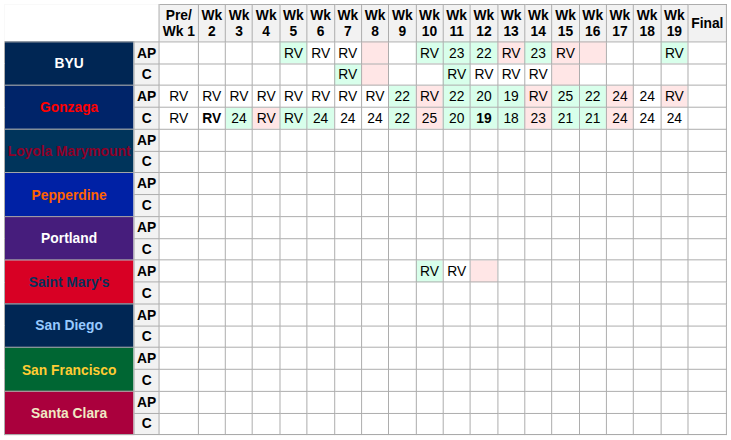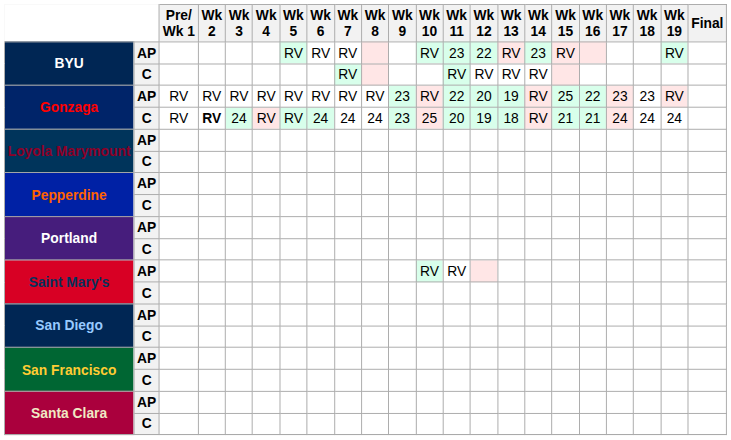 <table class="wikitable" style="white-space:nowrap;font-size:90%;">
 <tr>
 <th colspan=2 style="background:white; border-top-style:hidden; border-left-style:hidden;"> </th>
 <th>Pre/<br>Wk 1</th>
 <th>Wk<br>2</th>
 <th>Wk<br>3</th>
 <th>Wk<br>4</th>
 <th>Wk<br>5</th>
 <th>Wk<br>6</th>
 <th>Wk<br>7</th>
 <th>Wk<br>8</th>
 <th>Wk<br>9</th>
 <th>Wk<br>10</th>
 <th>Wk<br>11</th>
 <th>Wk<br>12</th>
 <th>Wk<br>13</th>
 <th>Wk<br>14</th>
 <th>Wk<br>15</th>
 <th>Wk<br>16</th>
 <th>Wk<br>17</th>
 <th>Wk<br>18</th>
 <th>Wk<br>19</th>
 <th>Final</th>
 </tr>
 <tr style="text-align:center;">
 <th rowspan=2 style="background:#002654; color:#FFFFFF;">BYU</th>
 <th>AP</th>
 <td style="background:#FFF;"></td>
 <td style="background:#FFF;"></td>
 <td style="background:#FFF;"></td>
 <td style="background:#FFF;"></td>
 <td style="background:#D8FFEB;">RV</td>
 <td style="background:#FFF;">RV</td>
 <td style="background:#FFF;">RV</td>
 <td style="background:#FFE6E6;"></td>
 <td style="background:#FFF;"></td>
 <td style="background:#D8FFEB;">RV</td>
 <td style="background:#D8FFEB;">23</td>
 <td style="background:#D8FFEB;">22</td>
 <td style="background:#FFE6E6;">RV</td>
 <td style="background:#D8FFEB;">23</td>
 <td style="background:#FFE6E6;">RV</td>
 <td style="background:#FFE6E6;"></td>
 <td style="background:#FFF;"></td>
 <td style="background:#FFF;"></td>
 <td style="background:#D8FFEB;">RV</td>
 <td style="background:#FFF;"></td>
 </tr>
 <tr style="text-align:center;">
 <th>C</th>
 <td style="background:#FFF;"></td>
 <td style="background:#FFF;"></td>
 <td style="background:#FFF;"></td>
 <td style="background:#FFF;"></td>
 <td style="background:#FFF;"></td>
 <td style="background:#FFF;"></td>
 <td style="background:#D8FFEB;">RV</td>
 <td style="background:#FFE6E6;"></td>
 <td style="background:#FFF;"></td>
 <td style="background:#FFF;"></td>
 <td style="background:#D8FFEB;">RV</td>
 <td style="background:#FFF;">RV</td>
 <td style="background:#FFF;">RV</td>
 <td style="background:#FFF;">RV</td>
 <td style="background:#FFE6E6;"></td>
 <td style="background:#FFF;"></td>
 <td style="background:#FFF;"></td>
 <td style="background:#FFF;"></td>
 <td style="background:#FFF;"></td>
 <td style="background:#FFF;"></td>
 </tr>
 <tr style="text-align:center;">
 <th rowspan=2 style="background:#002469; color:#FF0000;">Gonzaga</th>
 <th>AP</th>
 <td style="background:#FFF;">RV</td>
 <td style="background:#FFF;">RV</td>
 <td style="background:#FFF;">RV</td>
 <td style="background:#FFF;">RV</td>
 <td style="background:#FFF;">RV</td>
 <td style="background:#FFF;">RV</td>
 <td style="background:#FFF;">RV</td>
 <td style="background:#FFF;">RV</td>
-<td style="background:#D8FFEB;">22</td>
+<td style="background:#D8FFEB;">23</td>
 <td style="background:#FFE6E6;">RV</td>
 <td style="background:#D8FFEB;">22</td>
 <td style="background:#D8FFEB;">20</td>
 <td style="background:#D8FFEB;">19</td>
 <td style="background:#FFE6E6;">RV</td>
 <td style="background:#D8FFEB;">25</td>
 <td style="background:#D8FFEB;">22</td>
-<td style="background:#FFE6E6;">24</td>
-<td style="background:#FFF;">24</td>
+<td style="background:#FFE6E6;">23</td>
+<td style="background:#FFF;">23</td>
 <td style="background:#FFE6E6;">RV</td>
 <td style="background:#FFF;"></td>
 </tr>
 <tr style="text-align:center;">
 <th>C</th>
 <td style="background:#FFF;">RV</td>
 <td style="background:#FFF;"><strong>RV</strong></td>
 <td style="background:#D8FFEB;">24</td>
 <td style="background:#FFE6E6;">RV</td>
 <td style="background:#D8FFEB;">RV</td>
 <td style="background:#D8FFEB;">24</td>
 <td style="background:#FFF;">24</td>
 <td style="background:#FFF;">24</td>
-<td style="background:#D8FFEB;">22</td>
+<td style="background:#D8FFEB;">23</td>
 <td style="background:#FFE6E6;">25</td>
 <td style="background:#D8FFEB;">20</td>
-<td style="background:#D8FFEB;"><strong>19</strong></td>
+<td style="background:#D8FFEB;">19</td>
 <td style="background:#D8FFEB;">18</td>
-<td style="background:#FFE6E6;">23</td>
+<td style="background:#FFE6E6;">RV</td>
 <td style="background:#D8FFEB;">21</td>
 <td style="background:#D8FFEB;">21</td>
 <td style="background:#FFE6E6;">24</td>
 <td style="background:#FFF;">24</td>
 <td style="background:#FFF;">24</td>
 <td style="background:#FFF;"></td>
 </tr>
 <tr style="text-align:center;">
 <th rowspan=2 style="background:#00345B; color:#8E0028;">Loyola Marymount</th>
 <th>AP</th>
 <td style="background:#FFF;"></td>
 <td style="background:#FFF;"></td>
 <td style="background:#FFF;"></td>
 <td style="background:#FFF;"></td>
 <td style="background:#FFF;"></td>
 <td style="background:#FFF;"></td>
 <td style="background:#FFF;"></td>
 <td style="background:#FFF;"></td>
 <td style="background:#FFF;"></td>
 <td style="background:#FFF;"></td>
 <td style="background:#FFF;"></td>
 <td style="background:#FFF;"></td>
 <td style="background:#FFF;"></td>
 <td style="background:#FFF;"></td>
 <td style="background:#FFF;"></td>
 <td style="background:#FFF;"></td>
 <td style="background:#FFF;"></td>
 <td style="background:#FFF;"></td>
 <td style="background:#FFF;"></td>
 <td style="background:#FFF;"></td>
 </tr>
 <tr style="text-align:center;">
 <th>C</th>
 <td style="background:#FFF;"></td>
 <td style="background:#FFF;"></td>
 <td style="background:#FFF;"></td>
 <td style="background:#FFF;"></td>
 <td style="background:#FFF;"></td>
 <td style="background:#FFF;"></td>
 <td style="background:#FFF;"></td>
 <td style="background:#FFF;"></td>
 <td style="background:#FFF;"></td>
 <td style="background:#FFF;"></td>
 <td style="background:#FFF;"></td>
 <td style="background:#FFF;"></td>
 <td style="background:#FFF;"></td>
 <td style="background:#FFF;"></td>
 <td style="background:#FFF;"></td>
 <td style="background:#FFF;"></td>
 <td style="background:#FFF;"></td>
 <td style="background:#FFF;"></td>
 <td style="background:#FFF;"></td>
 <td style="background:#FFF;"></td>
 </tr>
 <tr style="text-align:center;">
 <th rowspan=2 style="background:#0021A5; color:#FF6200;">Pepperdine</th>
 <th>AP</th>
 <td style="background:#FFF;"></td>
 <td style="background:#FFF;"></td>
 <td style="background:#FFF;"></td>
 <td style="background:#FFF;"></td>
 <td style="background:#FFF;"></td>
 <td style="background:#FFF;"></td>
 <td style="background:#FFF;"></td>
 <td style="background:#FFF;"></td>
 <td style="background:#FFF;"></td>
 <td style="background:#FFF;"></td>
 <td style="background:#FFF;"></td>
 <td style="background:#FFF;"></td>
 <td style="background:#FFF;"></td>
 <td style="background:#FFF;"></td>
 <td style="background:#FFF;"></td>
 <td style="background:#FFF;"></td>
 <td style="background:#FFF;"></td>
 <td style="background:#FFF;"></td>
 <td style="background:#FFF;"></td>
 <td style="background:#FFF;"></td>
 </tr>
 <tr style="text-align:center;">
 <th>C</th>
 <td style="background:#FFF;"></td>
 <td style="background:#FFF;"></td>
 <td style="background:#FFF;"></td>
 <td style="background:#FFF;"></td>
 <td style="background:#FFF;"></td>
 <td style="background:#FFF;"></td>
 <td style="background:#FFF;"></td>
 <td style="background:#FFF;"></td>
 <td style="background:#FFF;"></td>
 <td style="background:#FFF;"></td>
 <td style="background:#FFF;"></td>
 <td style="background:#FFF;"></td>
 <td style="background:#FFF;"></td>
 <td style="background:#FFF;"></td>
 <td style="background:#FFF;"></td>
 <td style="background:#FFF;"></td>
 <td style="background:#FFF;"></td>
 <td style="background:#FFF;"></td>
 <td style="background:#FFF;"></td>
 <td style="background:#FFF;"></td>
 </tr>
 <tr style="text-align:center;">
 <th rowspan=2 style="background:#461D7C; color:#FFFFFF;">Portland</th>
 <th>AP</th>
 <td style="background:#FFF;"></td>
 <td style="background:#FFF;"></td>
 <td style="background:#FFF;"></td>
 <td style="background:#FFF;"></td>
 <td style="background:#FFF;"></td>
 <td style="background:#FFF;"></td>
 <td style="background:#FFF;"></td>
 <td style="background:#FFF;"></td>
 <td style="background:#FFF;"></td>
 <td style="background:#FFF;"></td>
 <td style="background:#FFF;"></td>
 <td style="background:#FFF;"></td>
 <td style="background:#FFF;"></td>
 <td style="background:#FFF;"></td>
 <td style="background:#FFF;"></td>
 <td style="background:#FFF;"></td>
 <td style="background:#FFF;"></td>
 <td style="background:#FFF;"></td>
 <td style="background:#FFF;"></td>
 <td style="background:#FFF;"></td>
 </tr>
 <tr style="text-align:center;">
 <th>C</th>
 <td style="background:#FFF;"></td>
 <td style="background:#FFF;"></td>
 <td style="background:#FFF;"></td>
 <td style="background:#FFF;"></td>
 <td style="background:#FFF;"></td>
 <td style="background:#FFF;"></td>
 <td style="background:#FFF;"></td>
 <td style="background:#FFF;"></td>
 <td style="background:#FFF;"></td>
 <td style="background:#FFF;"></td>
 <td style="background:#FFF;"></td>
 <td style="background:#FFF;"></td>
 <td style="background:#FFF;"></td>
 <td style="background:#FFF;"></td>
 <td style="background:#FFF;"></td>
 <td style="background:#FFF;"></td>
 <td style="background:#FFF;"></td>
 <td style="background:#FFF;"></td>
 <td style="background:#FFF;"></td>
 <td style="background:#FFF;"></td>
 </tr>
 <tr style="text-align:center;">
 <th rowspan=2 style="background:#D80024; color:#06315B;">Saint Mary's</th>
 <th>AP</th>
 <td style="background:#FFF;"></td>
 <td style="background:#FFF;"></td>
 <td style="background:#FFF;"></td>
 <td style="background:#FFF;"></td>
 <td style="background:#FFF;"></td>
 <td style="background:#FFF;"></td>
 <td style="background:#FFF;"></td>
 <td style="background:#FFF;"></td>
 <td style="background:#FFF;"></td>
 <td style="background:#D8FFEB;">RV</td>
 <td style="background:#FFF;">RV</td>
 <td style="background:#FFE6E6;"></td>
 <td style="background:#FFF;"></td>
 <td style="background:#FFF;"></td>
 <td style="background:#FFF;"></td>
 <td style="background:#FFF;"></td>
 <td style="background:#FFF;"></td>
 <td style="background:#FFF;"></td>
 <td style="background:#FFF;"></td>
 <td style="background:#FFF;"></td>
 </tr>
 <tr style="text-align:center;">
 <th>C</th>
 <td style="background:#FFF;"></td>
 <td style="background:#FFF;"></td>
 <td style="background:#FFF;"></td>
 <td style="background:#FFF;"></td>
 <td style="background:#FFF;"></td>
 <td style="background:#FFF;"></td>
 <td style="background:#FFF;"></td>
 <td style="background:#FFF;"></td>
 <td style="background:#FFF;"></td>
 <td style="background:#FFF;"></td>
 <td style="background:#FFF;"></td>
 <td style="background:#FFF;"></td>
 <td style="background:#FFF;"></td>
 <td style="background:#FFF;"></td>
 <td style="background:#FFF;"></td>
 <td style="background:#FFF;"></td>
 <td style="background:#FFF;"></td>
 <td style="background:#FFF;"></td>
 <td style="background:#FFF;"></td>
 <td style="background:#FFF;"></td>
 </tr>
 <tr style="text-align:center;">
 <th rowspan=2 style="background:#002654; color:#97CAFF;">San Diego</th>
 <th>AP</th>
 <td style="background:#FFF;"></td>
 <td style="background:#FFF;"></td>
 <td style="background:#FFF;"></td>
 <td style="background:#FFF;"></td>
 <td style="background:#FFF;"></td>
 <td style="background:#FFF;"></td>
 <td style="background:#FFF;"></td>
 <td style="background:#FFF;"></td>
 <td style="background:#FFF;"></td>
 <td style="background:#FFF;"></td>
 <td style="background:#FFF;"></td>
 <td style="background:#FFF;"></td>
 <td style="background:#FFF;"></td>
 <td style="background:#FFF;"></td>
 <td style="background:#FFF;"></td>
 <td style="background:#FFF;"></td>
 <td style="background:#FFF;"></td>
 <td style="background:#FFF;"></td>
 <td style="background:#FFF;"></td>
 <td style="background:#FFF;"></td>
 </tr>
 <tr style="text-align:center;">
 <th>C</th>
 <td style="background:#FFF;"></td>
 <td style="background:#FFF;"></td>
 <td style="background:#FFF;"></td>
 <td style="background:#FFF;"></td>
 <td style="background:#FFF;"></td>
 <td style="background:#FFF;"></td>
 <td style="background:#FFF;"></td>
 <td style="background:#FFF;"></td>
 <td style="background:#FFF;"></td>
 <td style="background:#FFF;"></td>
 <td style="background:#FFF;"></td>
 <td style="background:#FFF;"></td>
 <td style="background:#FFF;"></td>
 <td style="background:#FFF;"></td>
 <td style="background:#FFF;"></td>
 <td style="background:#FFF;"></td>
 <td style="background:#FFF;"></td>
 <td style="background:#FFF;"></td>
 <td style="background:#FFF;"></td>
 <td style="background:#FFF;"></td>
 </tr>
 <tr style="text-align:center;">
 <th rowspan=2 style="background:#006633; color:#FFCC33;">San Francisco</th>
 <th>AP</th>
 <td style="background:#FFF;"></td>
 <td style="background:#FFF;"></td>
 <td style="background:#FFF;"></td>
 <td style="background:#FFF;"></td>
 <td style="background:#FFF;"></td>
 <td style="background:#FFF;"></td>
 <td style="background:#FFF;"></td>
 <td style="background:#FFF;"></td>
 <td style="background:#FFF;"></td>
 <td style="background:#FFF;"></td>
 <td style="background:#FFF;"></td>
 <td style="background:#FFF;"></td>
 <td style="background:#FFF;"></td>
 <td style="background:#FFF;"></td>
 <td style="background:#FFF;"></td>
 <td style="background:#FFF;"></td>
 <td style="background:#FFF;"></td>
 <td style="background:#FFF;"></td>
 <td style="background:#FFF;"></td>
 <td style="background:#FFF;"></td>
 </tr>
 <tr style="text-align:center;">
 <th>C</th>
 <td style="background:#FFF;"></td>
 <td style="background:#FFF;"></td>
 <td style="background:#FFF;"></td>
 <td style="background:#FFF;"></td>
 <td style="background:#FFF;"></td>
 <td style="background:#FFF;"></td>
 <td style="background:#FFF;"></td>
 <td style="background:#FFF;"></td>
 <td style="background:#FFF;"></td>
 <td style="background:#FFF;"></td>
 <td style="background:#FFF;"></td>
 <td style="background:#FFF;"></td>
 <td style="background:#FFF;"></td>
 <td style="background:#FFF;"></td>
 <td style="background:#FFF;"></td>
 <td style="background:#FFF;"></td>
 <td style="background:#FFF;"></td>
 <td style="background:#FFF;"></td>
 <td style="background:#FFF;"></td>
 <td style="background:#FFF;"></td>
 </tr>
 <tr style="text-align:center;">
 <th rowspan=2 style="background:#AA003D; color:#F0E8C4;">Santa Clara</th>
 <th>AP</th>
 <td style="background:#FFF;"></td>
 <td style="background:#FFF;"></td>
 <td style="background:#FFF;"></td>
 <td style="background:#FFF;"></td>
 <td style="background:#FFF;"></td>
 <td style="background:#FFF;"></td>
 <td style="background:#FFF;"></td>
 <td style="background:#FFF;"></td>
 <td style="background:#FFF;"></td>
 <td style="background:#FFF;"></td>
 <td style="background:#FFF;"></td>
 <td style="background:#FFF;"></td>
 <td style="background:#FFF;"></td>
 <td style="background:#FFF;"></td>
 <td style="background:#FFF;"></td>
 <td style="background:#FFF;"></td>
 <td style="background:#FFF;"></td>
 <td style="background:#FFF;"></td>
 <td style="background:#FFF;"></td>
 <td style="background:#FFF;"></td>
 </tr>
 <tr style="text-align:center;">
 <th>C</th>
 <td style="background:#FFF;"></td>
 <td style="background:#FFF;"></td>
 <td style="background:#FFF;"></td>
 <td style="background:#FFF;"></td>
 <td style="background:#FFF;"></td>
 <td style="background:#FFF;"></td>
 <td style="background:#FFF;"></td>
 <td style="background:#FFF;"></td>
 <td style="background:#FFF;"></td>
 <td style="background:#FFF;"></td>
 <td style="background:#FFF;"></td>
 <td style="background:#FFF;"></td>
 <td style="background:#FFF;"></td>
 <td style="background:#FFF;"></td>
 <td style="background:#FFF;"></td>
 <td style="background:#FFF;"></td>
 <td style="background:#FFF;"></td>
 <td style="background:#FFF;"></td>
 <td style="background:#FFF;"></td>
 <td style="background:#FFF;"></td>
 </tr>
 <tr>
 </tr>
 </table>
